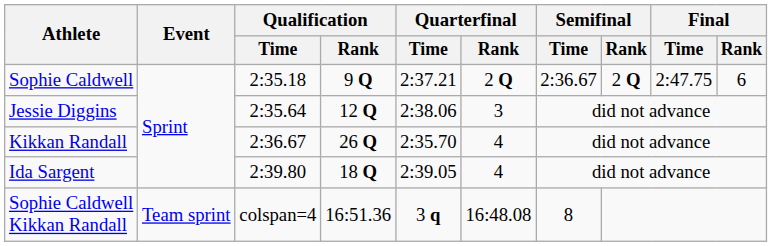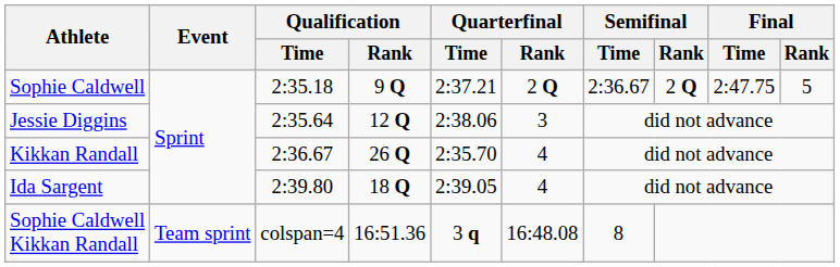 <table class=wikitable style=font-size:90%;text-align:center>
 <tr>
 <th rowspan=2>Athlete</th>
 <th rowspan=2>Event</th>
 <th colspan=2>Qualification</th>
 <th colspan=2>Quarterfinal</th>
 <th colspan=2>Semifinal</th>
 <th colspan=2>Final</th>
 </tr>
 <tr style=font-size:95%>
 <th>Time</th>
 <th>Rank</th>
 <th>Time</th>
 <th>Rank</th>
 <th>Time</th>
 <th>Rank</th>
 <th>Time</th>
 <th>Rank</th>
 </tr>
 <tr>
 <td align=left><a href='#'>Sophie Caldwell</a></td>
 <td align=left rowspan=4><a href='#'>Sprint</a></td>
 <td>2:35.18</td>
 <td>9 <strong>Q</strong></td>
 <td>2:37.21</td>
 <td>2 <strong>Q</strong></td>
 <td>2:36.67</td>
 <td>2 <strong>Q</strong></td>
 <td>2:47.75</td>
-<td>6</td>
+<td>5</td>
 </tr>
 <tr>
 <td align=left><a href='#'>Jessie Diggins</a></td>
 <td>2:35.64</td>
 <td>12 <strong>Q</strong></td>
 <td>2:38.06</td>
 <td>3</td>
 <td colspan=4>did not advance</td>
 </tr>
 <tr>
 <td align=left><a href='#'>Kikkan Randall</a></td>
 <td>2:36.67</td>
 <td>26 <strong>Q</strong></td>
 <td>2:35.70</td>
 <td>4</td>
 <td colspan=4>did not advance</td>
 </tr>
 <tr>
 <td align=left><a href='#'>Ida Sargent</a></td>
 <td>2:39.80</td>
 <td>18 <strong>Q</strong></td>
 <td>2:39.05</td>
 <td>4</td>
 <td colspan=4>did not advance</td>
 </tr>
 <tr>
 <td align=left><a href='#'>Sophie Caldwell</a><br><a href='#'>Kikkan Randall</a></td>
 <td align=left><a href='#'>Team sprint</a></td>
 <td>colspan=4 </td>
 <td>16:51.36</td>
 <td>3 <strong>q</strong></td>
 <td>16:48.08</td>
 <td>8</td>
 </tr>
 </table>
